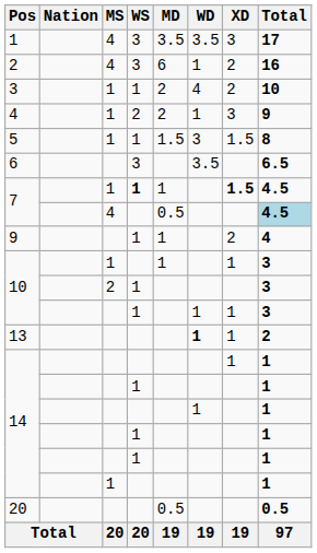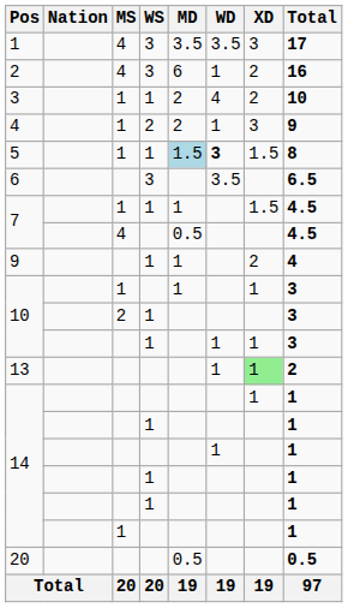 <table class=wikitable style="font-size:95%;">
 <tr>
 <th>Pos</th>
 <th>Nation</th>
 <th>MS</th>
 <th>WS</th>
 <th>MD</th>
 <th>WD</th>
 <th>XD</th>
 <th>Total</th>
 </tr>
 <tr>
 <td>1</td>
 <td align="left"><strong></strong></td>
 <td>4</td>
 <td>3</td>
 <td>3.5</td>
 <td>3.5</td>
 <td>3</td>
 <td><strong>17</strong></td>
 </tr>
 <tr>
 <td>2</td>
 <td align="left"></td>
 <td>4</td>
 <td>3</td>
 <td>6</td>
 <td>1</td>
 <td>2</td>
 <td><strong>16</strong></td>
 </tr>
 <tr>
 <td>3</td>
 <td align="left"></td>
 <td>1</td>
 <td>1</td>
 <td>2</td>
 <td>4</td>
 <td>2</td>
 <td><strong>10</strong></td>
 </tr>
 <tr>
 <td>4</td>
 <td align="left"></td>
 <td>1</td>
 <td>2</td>
 <td>2</td>
 <td>1</td>
 <td>3</td>
 <td><strong>9</strong></td>
 </tr>
 <tr>
 <td>5</td>
 <td align="left"></td>
 <td>1</td>
 <td>1</td>
-<td>1.5</td>
-<td>3</td>
+<td style="background: lightblue;">1.5</td>
+<td><strong>3</strong></td>
 <td>1.5</td>
 <td><strong>8</strong></td>
 </tr>
 <tr>
 <td>6</td>
 <td align="left"></td>
 <td></td>
 <td>3</td>
 <td></td>
 <td>3.5</td>
 <td></td>
 <td><strong>6.5</strong></td>
 </tr>
 <tr>
 <td rowspan="2">7</td>
 <td align="left"></td>
 <td>1</td>
-<td><strong>1</strong></td>
+<td>1</td>
 <td>1</td>
 <td></td>
-<td><strong>1.5</strong></td>
+<td>1.5</td>
 <td><strong>4.5</strong></td>
 </tr>
 <tr>
 <td align="left"></td>
 <td>4</td>
 <td></td>
 <td>0.5</td>
 <td></td>
 <td></td>
-<td style="background: lightblue;"><strong>4.5</strong></td>
+<td><strong>4.5</strong></td>
 </tr>
 <tr>
 <td>9</td>
 <td align="left"></td>
 <td></td>
 <td>1</td>
 <td>1</td>
 <td></td>
 <td>2</td>
 <td><strong>4</strong></td>
 </tr>
 <tr>
 <td rowspan="3">10</td>
 <td align="left"></td>
 <td>1</td>
 <td></td>
 <td>1</td>
 <td></td>
 <td>1</td>
 <td><strong>3</strong></td>
 </tr>
 <tr>
 <td align="left"></td>
 <td>2</td>
 <td>1</td>
 <td></td>
 <td></td>
 <td></td>
 <td><strong>3</strong></td>
 </tr>
 <tr>
 <td align="left"></td>
 <td></td>
 <td>1</td>
 <td></td>
 <td>1</td>
 <td>1</td>
 <td><strong>3</strong></td>
 </tr>
 <tr>
 <td>13</td>
 <td align="left"></td>
 <td></td>
 <td></td>
 <td></td>
-<td><strong>1</strong></td>
 <td>1</td>
+<td style="background: lightgreen;">1</td>
 <td><strong>2</strong></td>
 </tr>
 <tr>
 <td rowspan="6">14</td>
 <td align="left"></td>
 <td></td>
 <td></td>
 <td></td>
 <td></td>
 <td>1</td>
 <td><strong>1</strong></td>
 </tr>
 <tr>
 <td align="left"></td>
 <td></td>
 <td>1</td>
 <td></td>
 <td></td>
 <td></td>
 <td><strong>1</strong></td>
 </tr>
 <tr>
 <td align="left"></td>
 <td></td>
 <td></td>
 <td></td>
 <td>1</td>
 <td></td>
 <td><strong>1</strong></td>
 </tr>
 <tr>
 <td align="left"></td>
 <td></td>
 <td>1</td>
 <td></td>
 <td></td>
 <td></td>
 <td><strong>1</strong></td>
 </tr>
 <tr>
 <td align="left"></td>
 <td></td>
 <td>1</td>
 <td></td>
 <td></td>
 <td></td>
 <td><strong>1</strong></td>
 </tr>
 <tr>
 <td align="left"></td>
 <td>1</td>
 <td></td>
 <td></td>
 <td></td>
 <td></td>
 <td><strong>1</strong></td>
 </tr>
 <tr>
 <td>20</td>
 <td align="left"></td>
 <td></td>
 <td></td>
 <td>0.5</td>
 <td></td>
 <td></td>
 <td><strong>0.5</strong></td>
 </tr>
 <tr>
 <th colspan="2">Total</th>
 <th>20</th>
 <th>20</th>
 <th>19</th>
 <th>19</th>
 <th>19</th>
 <th>97</th>
 </tr>
 </table>
